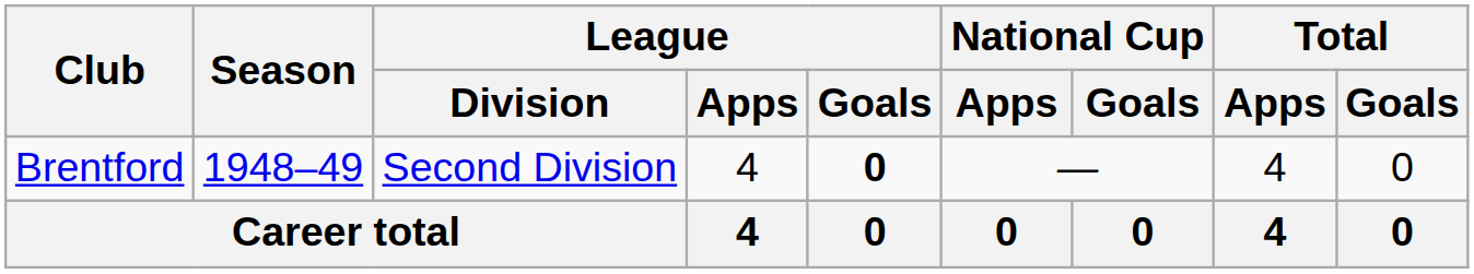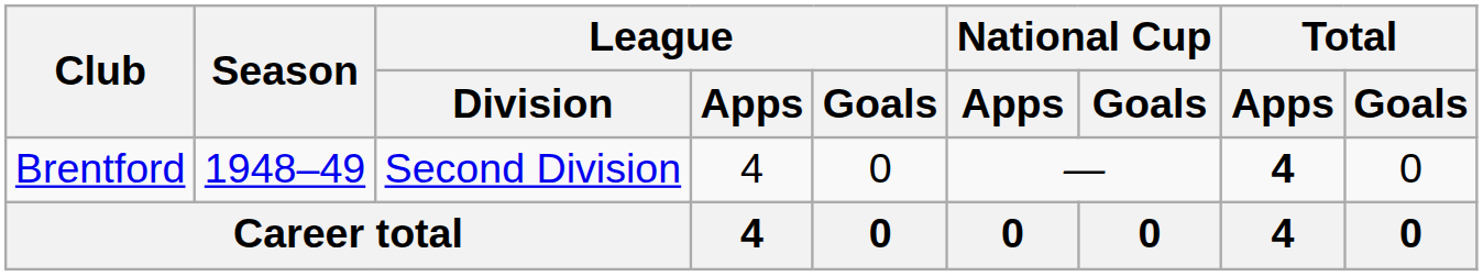 <table class="wikitable" style="text-align: center;">
 <tr>
 <th rowspan="2">Club</th>
 <th rowspan="2">Season</th>
 <th colspan="3">League</th>
 <th colspan="2">National Cup</th>
 <th colspan="2">Total</th>
 </tr>
 <tr>
 <th>Division</th>
 <th>Apps</th>
 <th>Goals</th>
 <th>Apps</th>
 <th>Goals</th>
 <th>Apps</th>
 <th>Goals</th>
 </tr>
 <tr>
 <td><a href='#'>Brentford</a></td>
 <td><a href='#'>1948–49</a></td>
 <td><a href='#'>Second Division</a></td>
 <td>4</td>
-<td><strong>0</strong></td>
+<td>0</td>
 <td colspan="2"><em>—</em></td>
-<td>4</td>
+<td><strong>4</strong></td>
 <td>0</td>
 </tr>
 <tr>
 <th colspan="3">Career total</th>
 <th>4</th>
 <th>0</th>
 <th>0</th>
 <th>0</th>
 <th>4</th>
 <th>0</th>
 </tr>
 </table>
